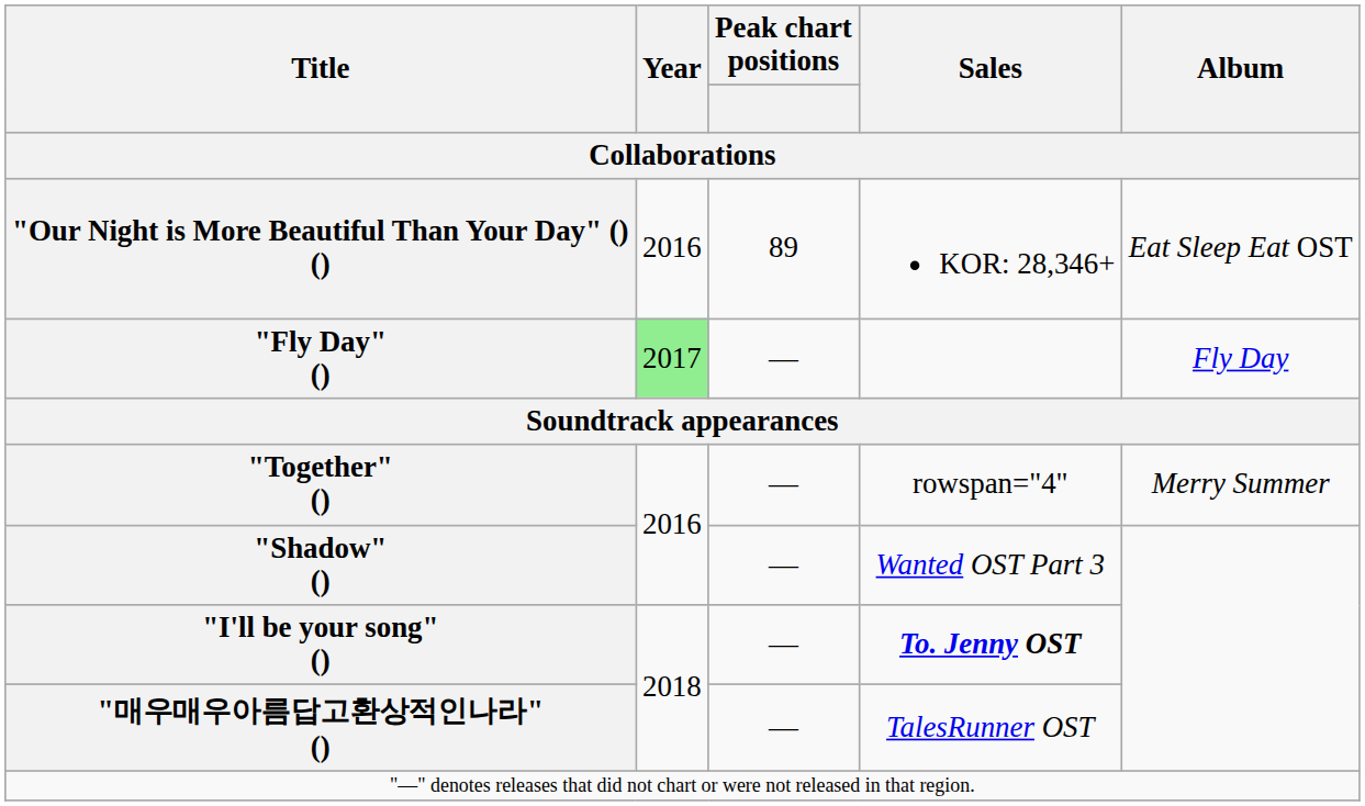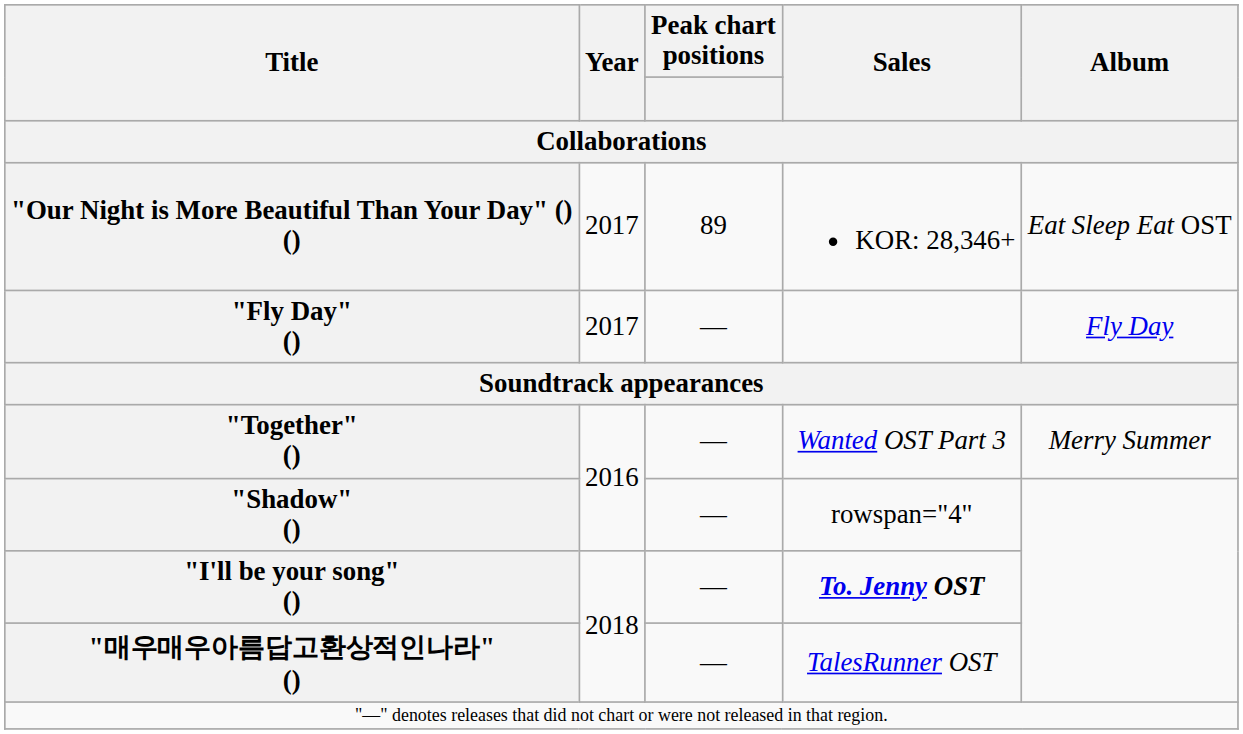 <table class="wikitable plainrowheaders" style="text-align:center">
 <tr>
 <th scope="col" rowspan="2">Title</th>
 <th scope="col" rowspan="2">Year</th>
 <th scope="col" colspan="1">Peak chart <br> positions</th>
 <th scope="col" rowspan="2">Sales </th>
 <th scope="col" rowspan="2">Album</th>
 </tr>
 <tr>
 <th><br></th>
 </tr>
 <tr>
 <th scope="col" colspan="5">Collaborations</th>
 </tr>
 <tr>
 <th scope="row">"Our Night is More Beautiful Than Your Day" ()<br>()</th>
-<td>2016</td>
+<td>2017</td>
 <td>89</td>
 <td><br><ul><li>KOR: 28,346+</li></ul></td>
 <td><em>Eat Sleep Eat</em> OST</td>
 </tr>
 <tr>
 <th scope="row">"Fly Day" <br>()</th>
-<td style="background: lightgreen;">2017</td>
+<td>2017</td>
 <td>—</td>
 <td></td>
 <td><em><a href='#'>Fly Day</a></em></td>
 </tr>
 <tr>
 <th scope="col" colspan="5">Soundtrack appearances</th>
 </tr>
 <tr>
 <th scope="row">"Together"<br>()</th>
 <td rowspan="2">2016</td>
 <td>—</td>
-<td>rowspan="4" </td>
+<td><em><a href='#'>Wanted</a> OST Part 3</em></td>
 <td><em>Merry Summer</em></td>
 </tr>
 <tr>
 <th scope="row">"Shadow"<br>()</th>
 <td>—</td>
-<td><em><a href='#'>Wanted</a> OST Part 3</em></td>
+<td>rowspan="4" </td>
 </tr>
 <tr>
 <th scope="row">"I'll be your song"<br>()</th>
 <td rowspan="2">2018</td>
 <td>—</td>
 <td><strong><em><a href='#'>To. Jenny</a> OST</em></strong></td>
 </tr>
 <tr>
 <th scope="row">"매우매우아름답고환상적인나라"<br>()</th>
 <td>—</td>
 <td><em><a href='#'>TalesRunner</a> OST</em></td>
 </tr>
 <tr>
 <td colspan="6" style="font-size:8pt">"—" denotes releases that did not chart or were not released in that region.</td>
 </tr>
 </table>
